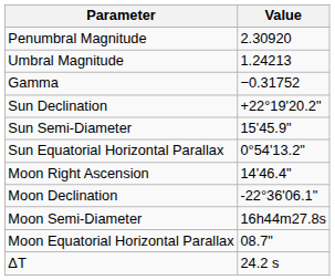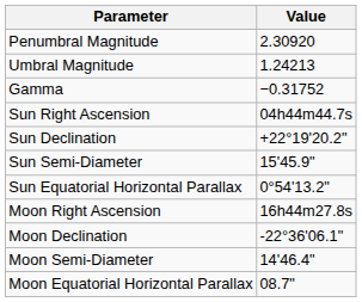 <table class="wikitable">
 <tr>
 <th>Parameter</th>
 <th>Value</th>
 </tr>
 <tr>
 <td>Penumbral Magnitude</td>
 <td>2.30920</td>
 </tr>
 <tr>
 <td>Umbral Magnitude</td>
 <td>1.24213</td>
 </tr>
 <tr>
 <td>Gamma</td>
 <td>−0.31752</td>
 </tr>
 <tr>
+<td>Sun Right Ascension</td>
+<td>04h44m44.7s</td>
+</tr>
+<tr>
 <td>Sun Declination</td>
 <td>+22°19'20.2"</td>
 </tr>
 <tr>
 <td>Sun Semi-Diameter</td>
 <td>15'45.9"</td>
 </tr>
 <tr>
 <td>Sun Equatorial Horizontal Parallax</td>
 <td>0°54'13.2"</td>
 </tr>
 <tr>
 <td>Moon Right Ascension</td>
-<td>14'46.4"</td>
+<td>16h44m27.8s</td>
 </tr>
 <tr>
 <td>Moon Declination</td>
 <td>-22°36'06.1"</td>
 </tr>
 <tr>
 <td>Moon Semi-Diameter</td>
-<td>16h44m27.8s</td>
+<td>14'46.4"</td>
 </tr>
 <tr>
 <td>Moon Equatorial Horizontal Parallax</td>
 <td>08.7"</td>
 </tr>
-<tr>
-<td>ΔT</td>
-<td>24.2 s</td>
-</tr>
 </table>
